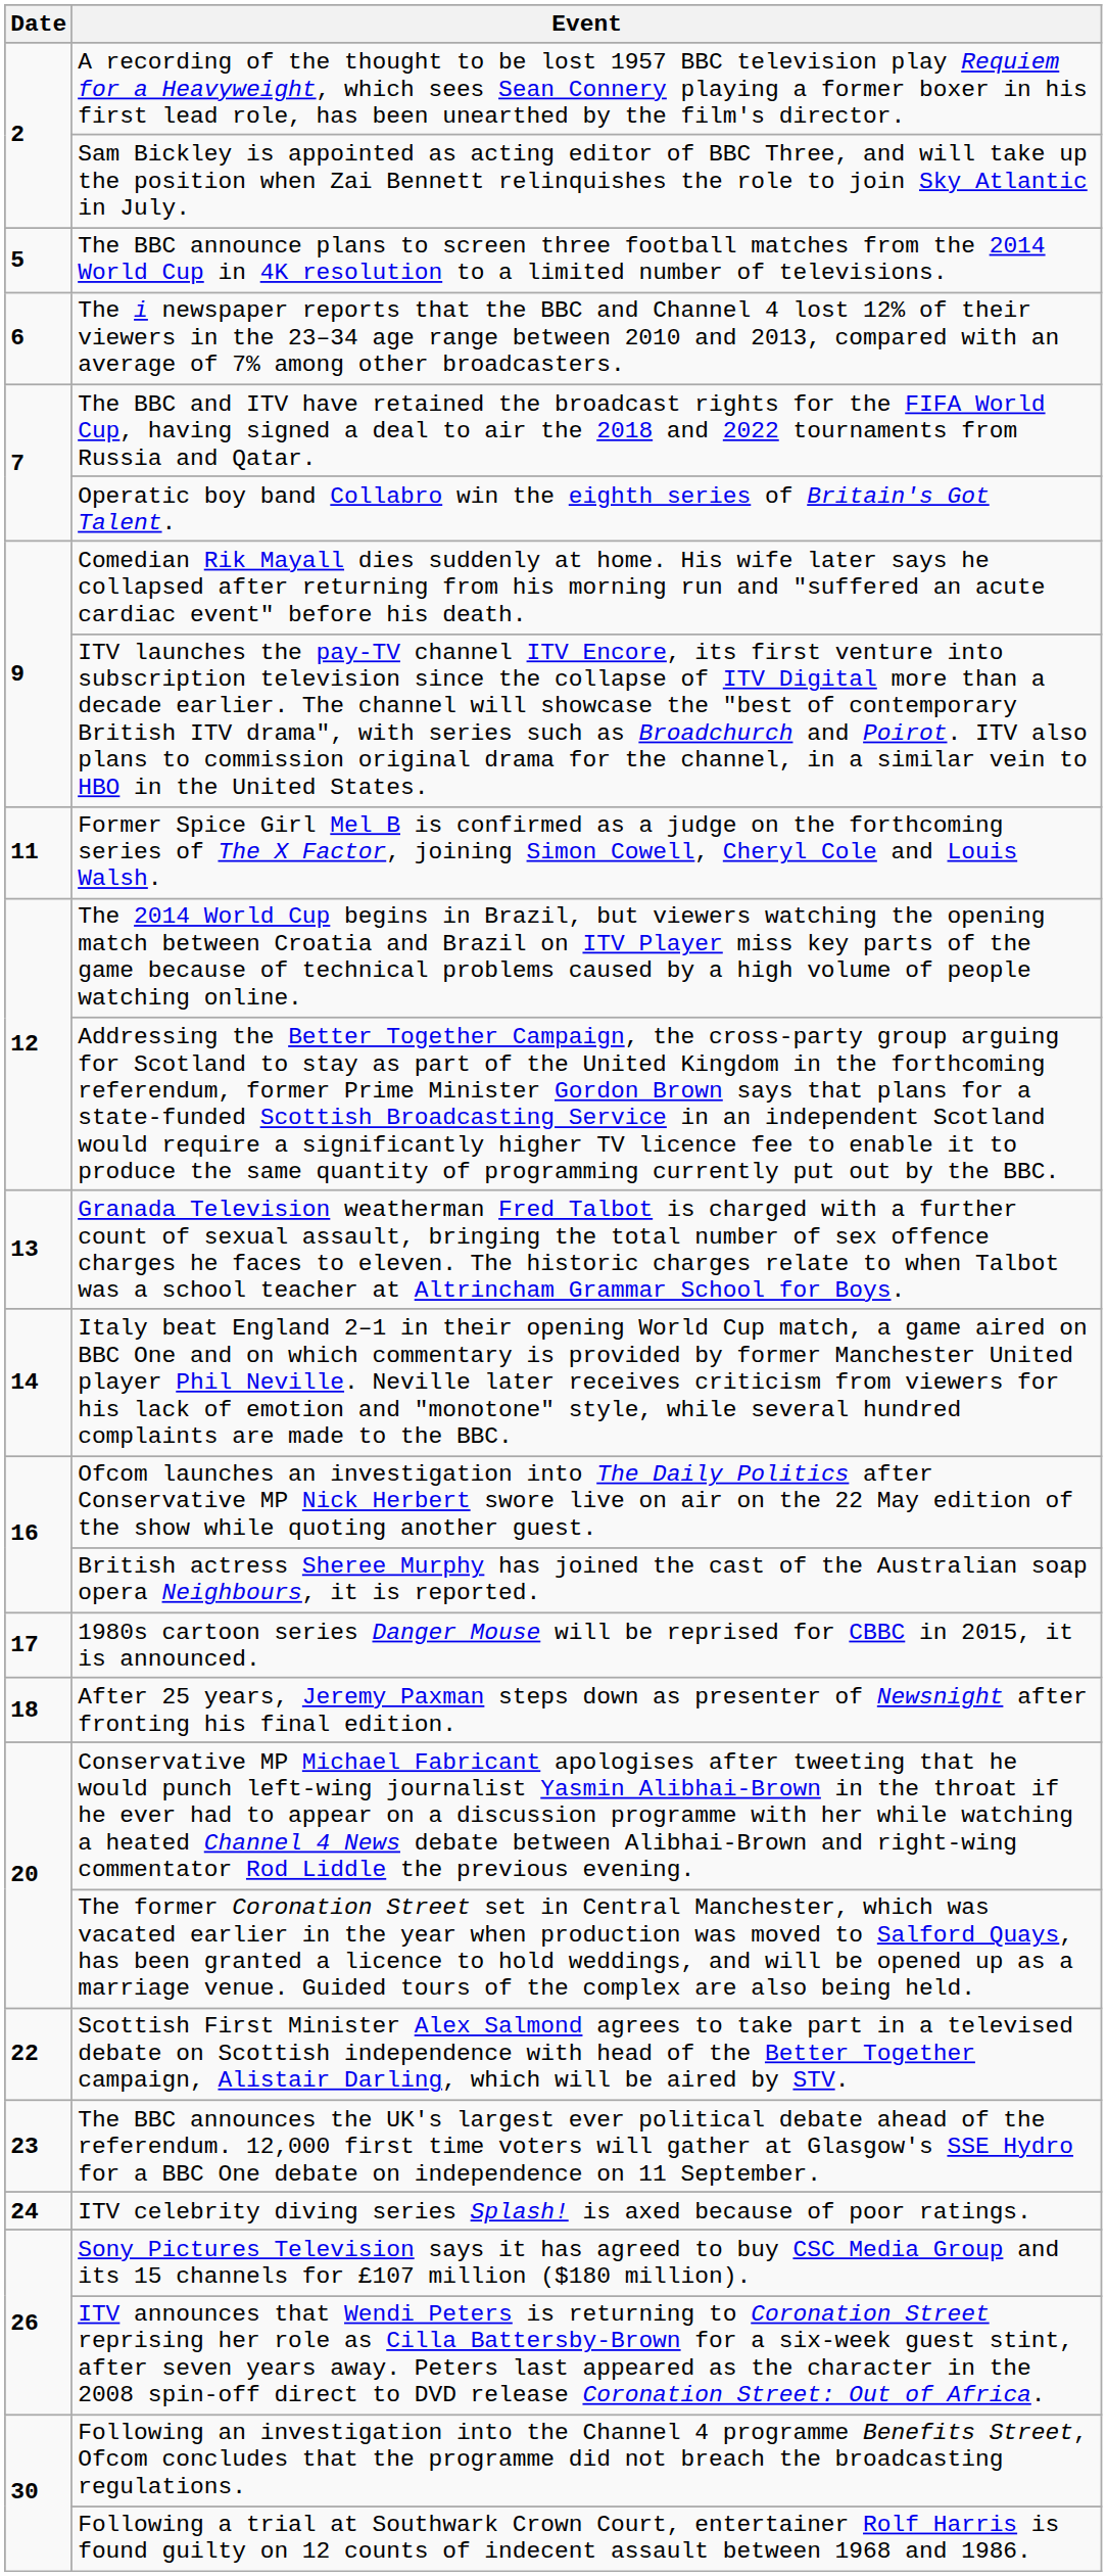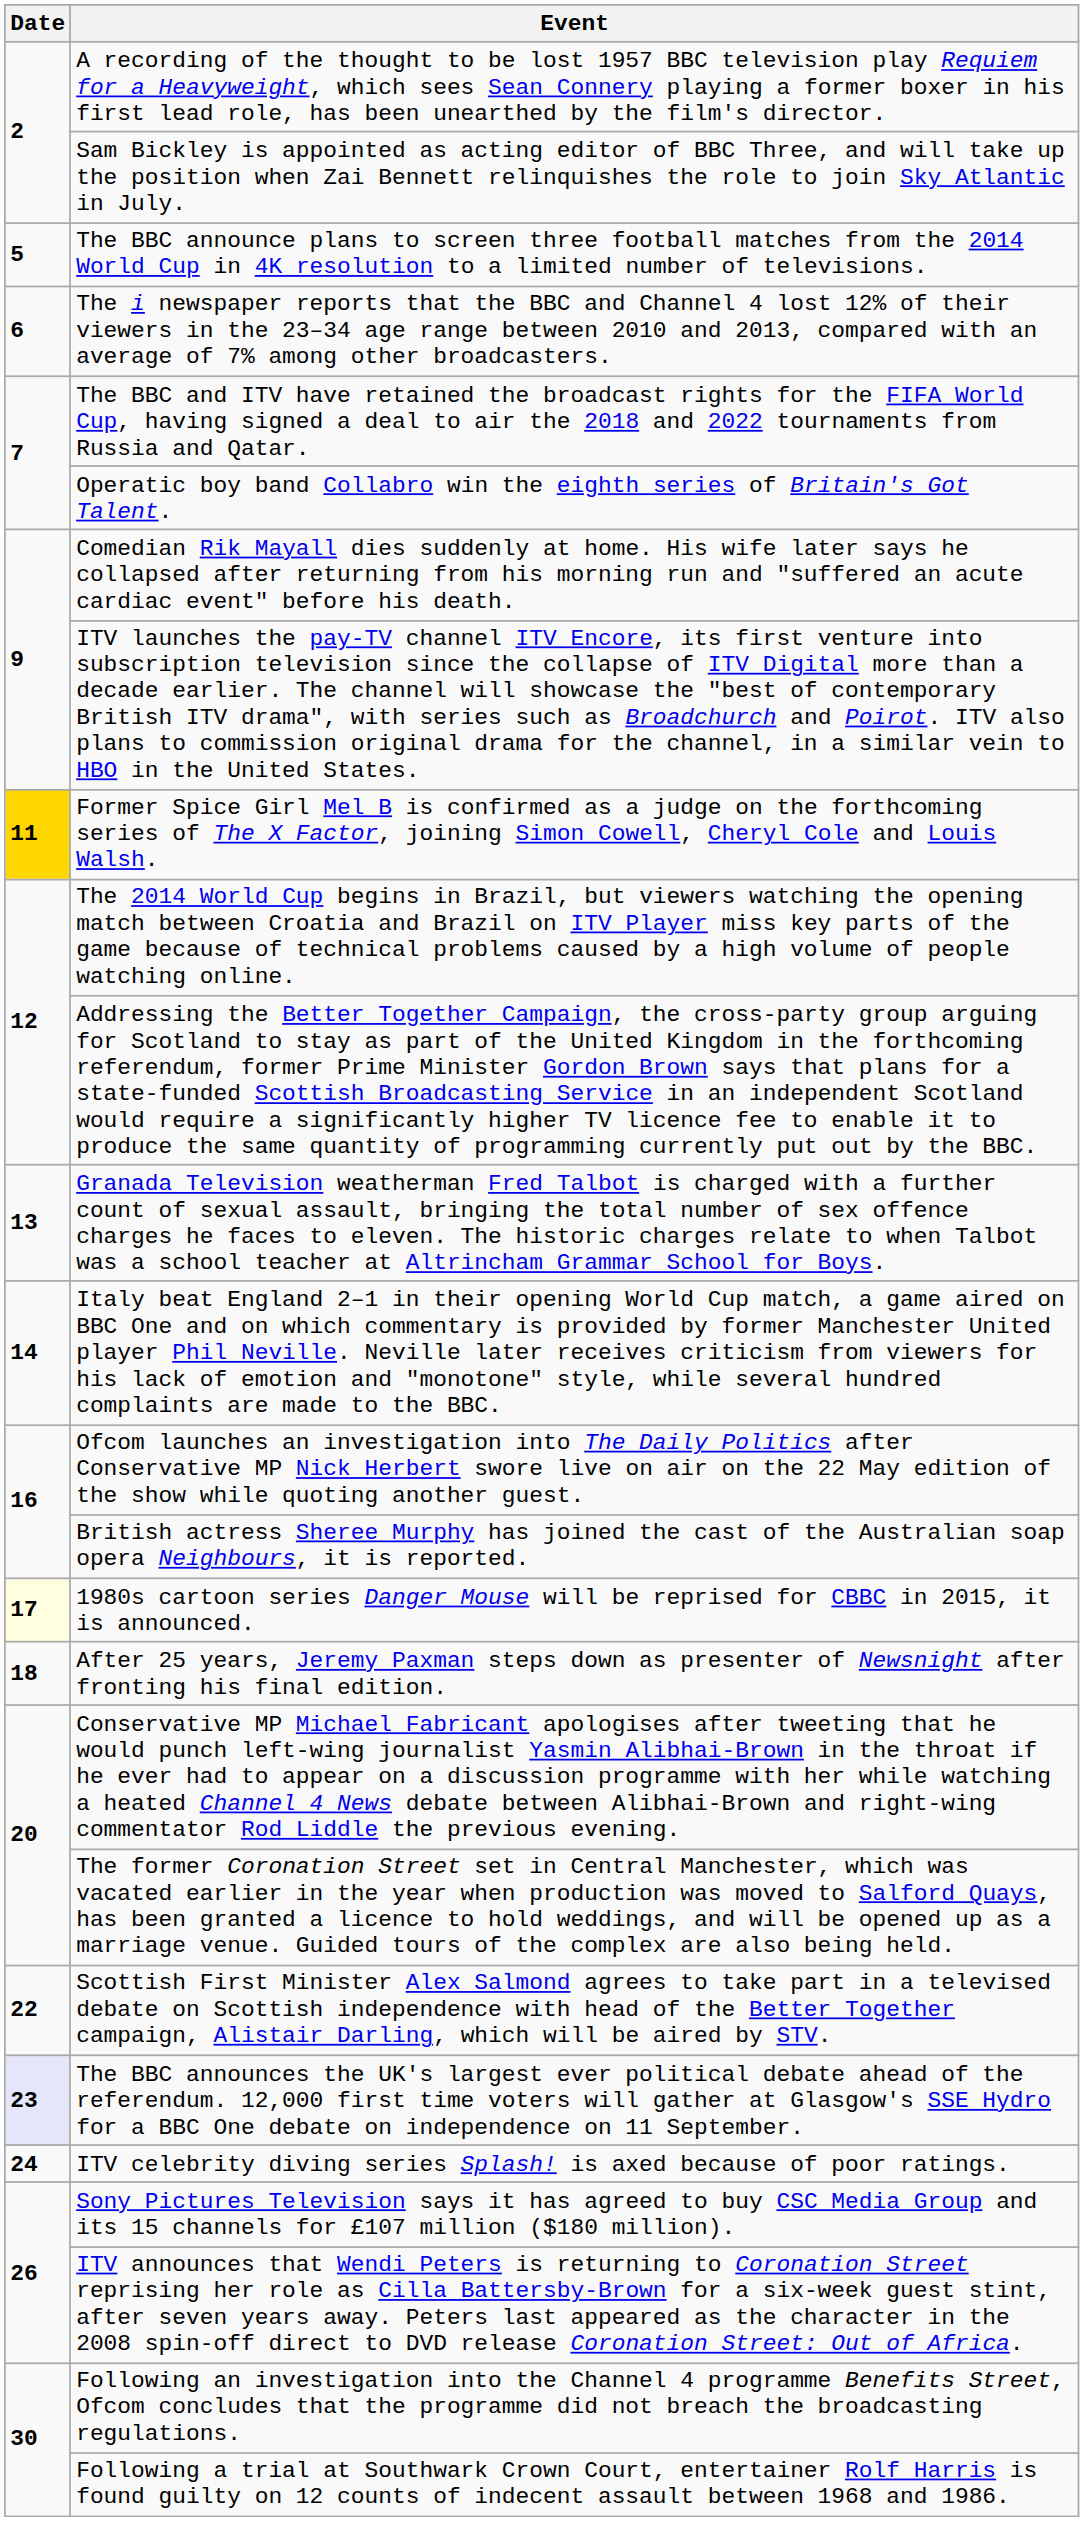 <table class="wikitable">
 <tr>
 <th>Date</th>
 <th>Event</th>
 </tr>
 <tr>
 <td rowspan=2><strong>2</strong></td>
 <td>A recording of the thought to be lost 1957 BBC television play <em><a href='#'>Requiem for a Heavyweight</a></em>, which sees <a href='#'>Sean Connery</a> playing a former boxer in his first lead role, has been unearthed by the film's director.</td>
 </tr>
 <tr>
 <td>Sam Bickley is appointed as acting editor of BBC Three, and will take up the position when Zai Bennett relinquishes the role to join <a href='#'>Sky Atlantic</a> in July.</td>
 </tr>
 <tr>
 <td><strong>5</strong></td>
 <td>The BBC announce plans to screen three football matches from the <a href='#'>2014 World Cup</a> in <a href='#'>4K resolution</a> to a limited number of televisions.</td>
 </tr>
 <tr>
 <td><strong>6</strong></td>
 <td>The <em><a href='#'>i</a></em> newspaper reports that the BBC and Channel 4 lost 12% of their viewers in the 23–34 age range between 2010 and 2013, compared with an average of 7% among other broadcasters.</td>
 </tr>
 <tr>
 <td rowspan=2><strong>7</strong></td>
 <td>The BBC and ITV have retained the broadcast rights for the <a href='#'>FIFA World Cup</a>, having signed a deal to air the <a href='#'>2018</a> and <a href='#'>2022</a> tournaments from Russia and Qatar.</td>
 </tr>
 <tr>
 <td>Operatic boy band <a href='#'>Collabro</a> win the <a href='#'>eighth series</a> of <em><a href='#'>Britain's Got Talent</a></em>.</td>
 </tr>
 <tr>
 <td rowspan=2><strong>9</strong></td>
 <td>Comedian <a href='#'>Rik Mayall</a> dies suddenly at home. His wife later says he collapsed after returning from his morning run and "suffered an acute cardiac event" before his death.</td>
 </tr>
 <tr>
 <td>ITV launches the <a href='#'>pay-TV</a> channel <a href='#'>ITV Encore</a>, its first venture into subscription television since the collapse of <a href='#'>ITV Digital</a> more than a decade earlier. The channel will showcase the "best of contemporary British ITV drama", with series such as <em><a href='#'>Broadchurch</a></em> and <em><a href='#'>Poirot</a></em>. ITV also plans to commission original drama for the channel, in a similar vein to <a href='#'>HBO</a> in the United States.</td>
 </tr>
 <tr>
-<td><strong>11</strong></td>
+<td style="background: gold;"><strong>11</strong></td>
 <td>Former Spice Girl <a href='#'>Mel B</a> is confirmed as a judge on the forthcoming series of <em><a href='#'>The X Factor</a></em>, joining <a href='#'>Simon Cowell</a>, <a href='#'>Cheryl Cole</a> and <a href='#'>Louis Walsh</a>.</td>
 </tr>
 <tr>
 <td rowspan=2><strong>12</strong></td>
 <td>The <a href='#'>2014 World Cup</a> begins in Brazil, but viewers watching the opening match between Croatia and Brazil on <a href='#'>ITV Player</a> miss key parts of the game because of technical problems caused by a high volume of people watching online.</td>
 </tr>
 <tr>
 <td>Addressing the <a href='#'>Better Together Campaign</a>, the cross-party group arguing for Scotland to stay as part of the United Kingdom in the forthcoming referendum, former Prime Minister <a href='#'>Gordon Brown</a> says that plans for a state-funded <a href='#'>Scottish Broadcasting Service</a> in an independent Scotland would require a significantly higher TV licence fee to enable it to produce the same quantity of programming currently put out by the BBC.</td>
 </tr>
 <tr>
 <td><strong>13</strong></td>
 <td><a href='#'>Granada Television</a> weatherman <a href='#'>Fred Talbot</a> is charged with a further count of sexual assault, bringing the total number of sex offence charges he faces to eleven. The historic charges relate to when Talbot was a school teacher at <a href='#'>Altrincham Grammar School for Boys</a>.</td>
 </tr>
 <tr>
 <td><strong>14</strong></td>
 <td>Italy beat England 2–1 in their opening World Cup match, a game aired on BBC One and on which commentary is provided by former Manchester United player <a href='#'>Phil Neville</a>. Neville later receives criticism from viewers for his lack of emotion and "monotone" style, while several hundred complaints are made to the BBC.</td>
 </tr>
 <tr>
 <td rowspan=2><strong>16</strong></td>
 <td>Ofcom launches an investigation into <em><a href='#'>The Daily Politics</a></em> after Conservative MP <a href='#'>Nick Herbert</a> swore live on air on the 22 May edition of the show while quoting another guest.</td>
 </tr>
 <tr>
 <td>British actress <a href='#'>Sheree Murphy</a> has joined the cast of the Australian soap opera <em><a href='#'>Neighbours</a></em>, it is reported.</td>
 </tr>
 <tr>
-<td><strong>17</strong></td>
+<td style="background: lightyellow;"><strong>17</strong></td>
 <td>1980s cartoon series <em><a href='#'>Danger Mouse</a></em> will be reprised for <a href='#'>CBBC</a> in 2015, it is announced.</td>
 </tr>
 <tr>
 <td><strong>18</strong></td>
 <td>After 25 years, <a href='#'>Jeremy Paxman</a> steps down as presenter of <em><a href='#'>Newsnight</a></em> after fronting his final edition.</td>
 </tr>
 <tr>
 <td rowspan=2><strong>20</strong></td>
 <td>Conservative MP <a href='#'>Michael Fabricant</a> apologises after tweeting that he would punch left-wing journalist <a href='#'>Yasmin Alibhai-Brown</a> in the throat if he ever had to appear on a discussion programme with her while watching a heated <em><a href='#'>Channel 4 News</a></em> debate between Alibhai-Brown and right-wing commentator <a href='#'>Rod Liddle</a> the previous evening.</td>
 </tr>
 <tr>
 <td>The former <em>Coronation Street</em> set in Central Manchester, which was vacated earlier in the year when production was moved to <a href='#'>Salford Quays</a>, has been granted a licence to hold weddings, and will be opened up as a marriage venue. Guided tours of the complex are also being held.</td>
 </tr>
 <tr>
 <td><strong>22</strong></td>
 <td>Scottish First Minister <a href='#'>Alex Salmond</a> agrees to take part in a televised debate on Scottish independence with head of the <a href='#'>Better Together</a> campaign, <a href='#'>Alistair Darling</a>, which will be aired by <a href='#'>STV</a>.</td>
 </tr>
 <tr>
-<td><strong>23</strong></td>
+<td style="background: lavender;"><strong>23</strong></td>
 <td>The BBC announces the UK's largest ever political debate ahead of the referendum. 12,000 first time voters will gather at Glasgow's <a href='#'>SSE Hydro</a> for a BBC One debate on independence on 11 September.</td>
 </tr>
 <tr>
 <td><strong>24</strong></td>
 <td>ITV celebrity diving series <em><a href='#'>Splash!</a></em> is axed because of poor ratings.</td>
 </tr>
 <tr>
 <td rowspan=2><strong>26</strong></td>
 <td><a href='#'>Sony Pictures Television</a> says it has agreed to buy <a href='#'>CSC Media Group</a> and its 15 channels for £107 million ($180 million).</td>
 </tr>
 <tr>
 <td><a href='#'>ITV</a> announces that <a href='#'>Wendi Peters</a> is returning to <em><a href='#'>Coronation Street</a></em> reprising her role as <a href='#'>Cilla Battersby-Brown</a> for a six-week guest stint, after seven years away. Peters last appeared as the character in the 2008 spin-off direct to DVD release <em><a href='#'>Coronation Street: Out of Africa</a></em>.</td>
 </tr>
 <tr>
 <td rowspan=2><strong>30</strong></td>
 <td>Following an investigation into the Channel 4 programme <em>Benefits Street</em>, Ofcom concludes that the programme did not breach the broadcasting regulations.</td>
 </tr>
 <tr>
 <td>Following a trial at Southwark Crown Court, entertainer <a href='#'>Rolf Harris</a> is found guilty on 12 counts of indecent assault between 1968 and 1986.</td>
 </tr>
 </table>
